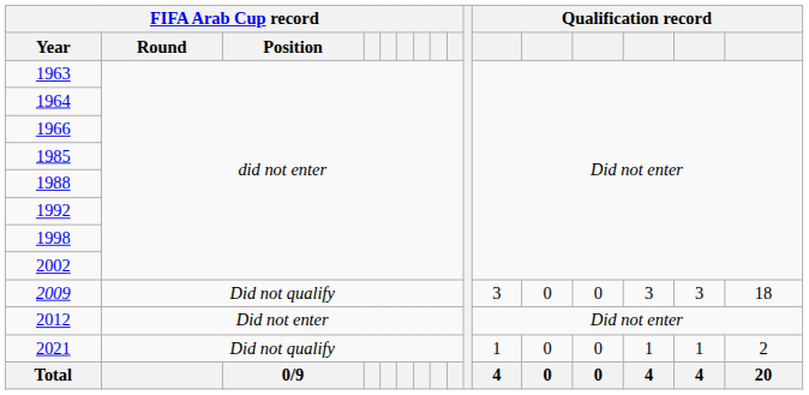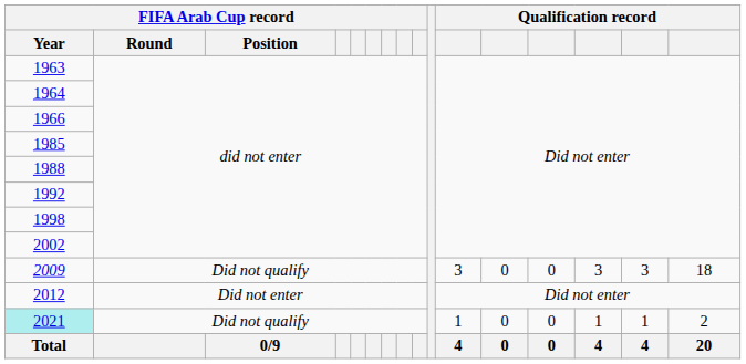 <table class="wikitable" style="text-align: center;">
 <tr>
 <th colspan=9><a href='#'>FIFA Arab Cup</a> record</th>
 <th width=1% rowspan=39></th>
 <th colspan=6>Qualification record</th>
 </tr>
 <tr>
 <th>Year</th>
 <th>Round</th>
 <th>Position</th>
 <th></th>
 <th></th>
 <th></th>
 <th></th>
 <th></th>
 <th></th>
 <th></th>
 <th></th>
 <th></th>
 <th></th>
 <th></th>
 <th></th>
 </tr>
 <tr>
 <td> <a href='#'>1963</a></td>
 <td colspan=8 rowspan=8><em>did not enter</em></td>
 <td colspan=8 rowspan=8><em>Did not enter</em></td>
 </tr>
 <tr>
 <td> <a href='#'>1964</a></td>
 </tr>
 <tr>
 <td> <a href='#'>1966</a></td>
 </tr>
 <tr>
 <td> <a href='#'>1985</a></td>
 </tr>
 <tr>
 <td> <a href='#'>1988</a></td>
 </tr>
 <tr>
 <td> <a href='#'>1992</a></td>
 </tr>
 <tr>
 <td> <a href='#'>1998</a></td>
 </tr>
 <tr>
 <td> <a href='#'>2002</a></td>
 </tr>
 <tr>
 <td> <em><a href='#'>2009</a></em></td>
 <td colspan=8><em>Did not qualify</em> </td>
 <td>3</td>
 <td>0</td>
 <td>0</td>
 <td>3</td>
 <td>3</td>
 <td>18</td>
 </tr>
 <tr>
 <td> <a href='#'>2012</a></td>
 <td colspan=8><em>Did not enter</em></td>
 <td colspan=8><em>Did not enter</em></td>
 </tr>
 <tr>
-<td> <a href='#'>2021</a></td>
+<td style="background: paleturquoise;"> <a href='#'>2021</a></td>
 <td colspan=8><em>Did not qualify</em></td>
 <td>1</td>
 <td>0</td>
 <td>0</td>
 <td>1</td>
 <td>1</td>
 <td>2</td>
 </tr>
 <tr>
 <th>Total</th>
 <th></th>
 <th>0/9</th>
 <th></th>
 <th></th>
 <th></th>
 <th></th>
 <th></th>
 <th></th>
 <th>4</th>
 <th>0</th>
 <th>0</th>
 <th>4</th>
 <th>4</th>
 <th>20</th>
 </tr>
 </table>
